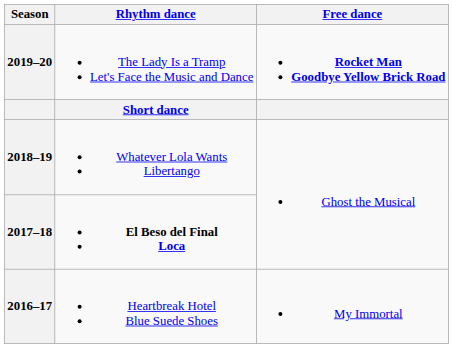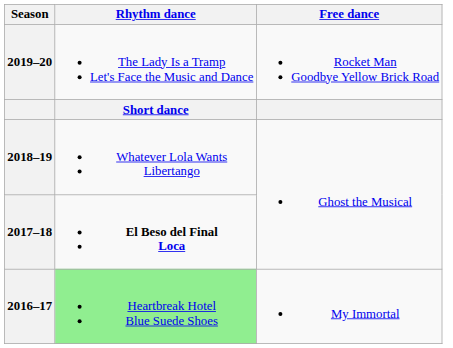 <table class="wikitable" style="text-align:center">
 <tr>
 <th>Season</th>
 <th><a href='#'>Rhythm dance</a></th>
 <th><a href='#'>Free dance</a></th>
 </tr>
 <tr>
 <th>2019–20 <br></th>
 <td><br><ul><li> <a href='#'>The Lady Is a Tramp</a> <br></li><li> <a href='#'>Let's Face the Music and Dance</a> <br></li></ul></td>
-<td><strong><br><ul><li><a href='#'>Rocket Man</a></li><li><a href='#'>Goodbye Yellow Brick Road</a></li></ul></strong></td>
+<td><br><ul><li><a href='#'>Rocket Man</a></li><li><a href='#'>Goodbye Yellow Brick Road</a></li></ul></td>
 </tr>
 <tr>
 <th></th>
 <th><a href='#'>Short dance</a></th>
 <th></th>
 </tr>
 <tr>
 <th>2018–19</th>
 <td><br><ul><li> <a href='#'>Whatever Lola Wants</a></li><li> <a href='#'>Libertango</a> <br></li></ul></td>
 <td rowspan=2><br><ul><li><a href='#'>Ghost the Musical</a> <br></li></ul></td>
 </tr>
 <tr>
 <th>2017–18 <br></th>
 <td><strong><br><ul><li> El Beso del Final <br></li><li> <a href='#'>Loca</a> <br></li></ul></strong></td>
 </tr>
 <tr>
 <th>2016–17 <br></th>
-<td><br><ul><li> <a href='#'>Heartbreak Hotel</a> <br></li><li> <a href='#'>Blue Suede Shoes</a> <br></li></ul></td>
+<td style="background: lightgreen;"><br><ul><li> <a href='#'>Heartbreak Hotel</a> <br></li><li> <a href='#'>Blue Suede Shoes</a> <br></li></ul></td>
 <td><br><ul><li><a href='#'>My Immortal</a> <br></li></ul></td>
 </tr>
 </table>
